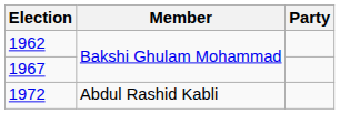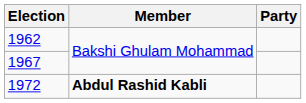 <table class="wikitable sortable">
 <tr>
 <th>Election</th>
 <th>Member</th>
 <th colspan=2>Party</th>
 </tr>
 <tr>
 <td><a href='#'>1962</a></td>
 <td rowspan=2><a href='#'>Bakshi Ghulam Mohammad</a></td>
 <td></td>
 </tr>
 <tr>
 <td><a href='#'>1967</a></td>
 </tr>
 <tr>
 <td><a href='#'>1972</a></td>
-<td>Abdul Rashid Kabli</td>
+<td><strong>Abdul Rashid Kabli</strong></td>
 <td></td>
 </tr>
 </table>
